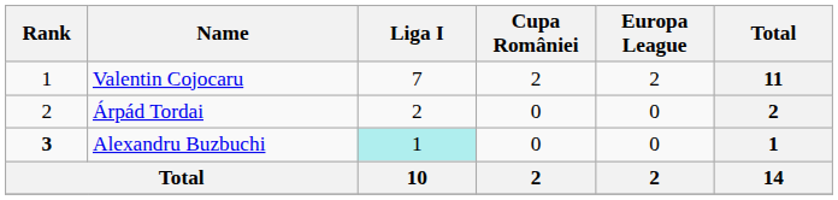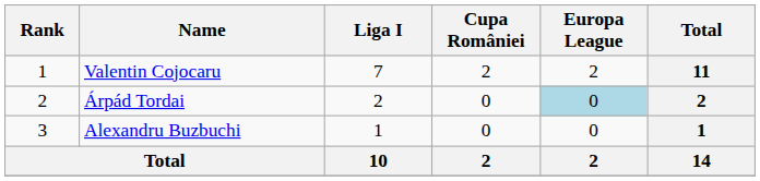 <table class="wikitable" style="text-align:center;">
 <tr>
 <th style="width:56px;">Rank</th>
 <th style="width:200px;">Name</th>
 <th style="width:84px;">Liga I</th>
 <th style="width:84px;">Cupa României</th>
 <th style="width:84px;">Europa League</th>
 <th style="width:84px;">Total</th>
 </tr>
 <tr>
 <td>1</td>
 <td align=left> <a href='#'>Valentin Cojocaru</a></td>
 <td>7</td>
 <td>2</td>
 <td>2</td>
 <th>11</th>
 </tr>
 <tr>
 <td>2</td>
 <td align=left>  <a href='#'>Árpád Tordai</a></td>
 <td>2</td>
 <td>0</td>
-<td>0</td>
+<td style="background: lightblue;">0</td>
 <th>2</th>
 </tr>
 <tr>
-<td><strong>3</strong></td>
+<td>3</td>
 <td align=left> <a href='#'>Alexandru Buzbuchi</a></td>
-<td style="background: paleturquoise;">1</td>
+<td>1</td>
 <td>0</td>
 <td>0</td>
 <th>1</th>
 </tr>
 <tr>
 <th colspan="2">Total</th>
 <th>10</th>
 <th>2</th>
 <th>2</th>
 <th>14</th>
 </tr>
 <tr>
 </tr>
 </table>
